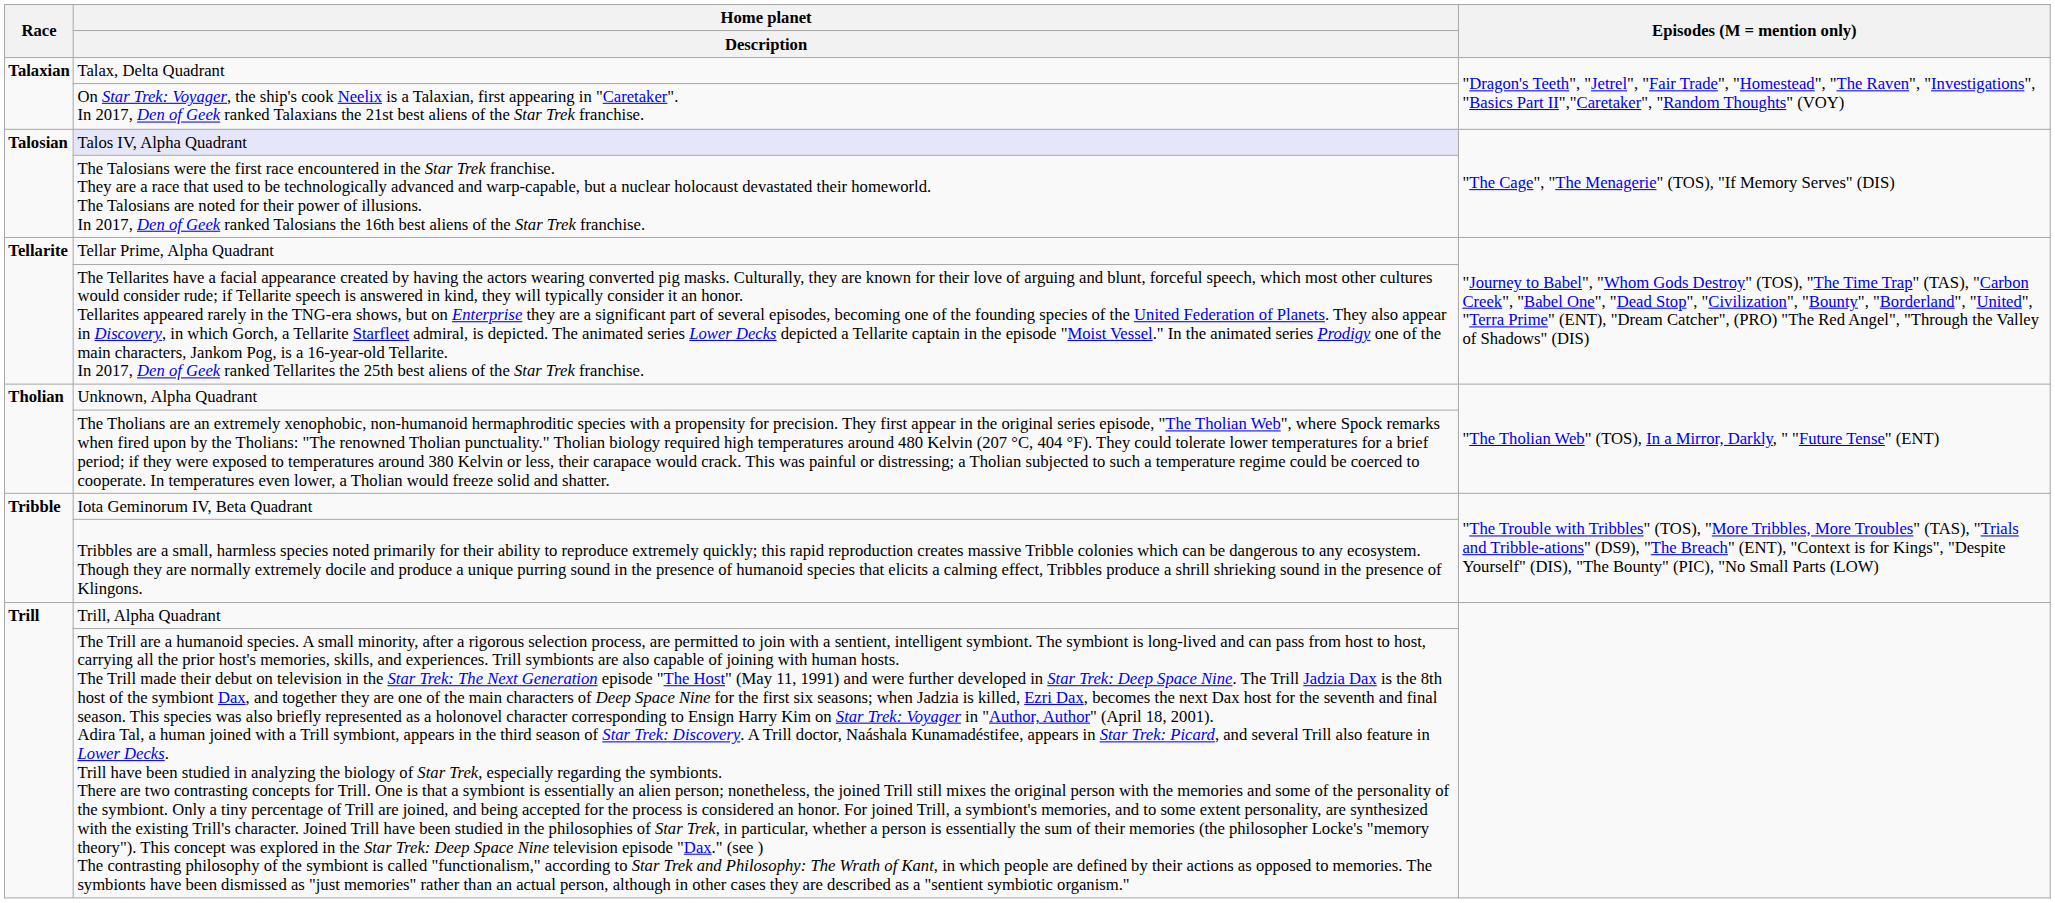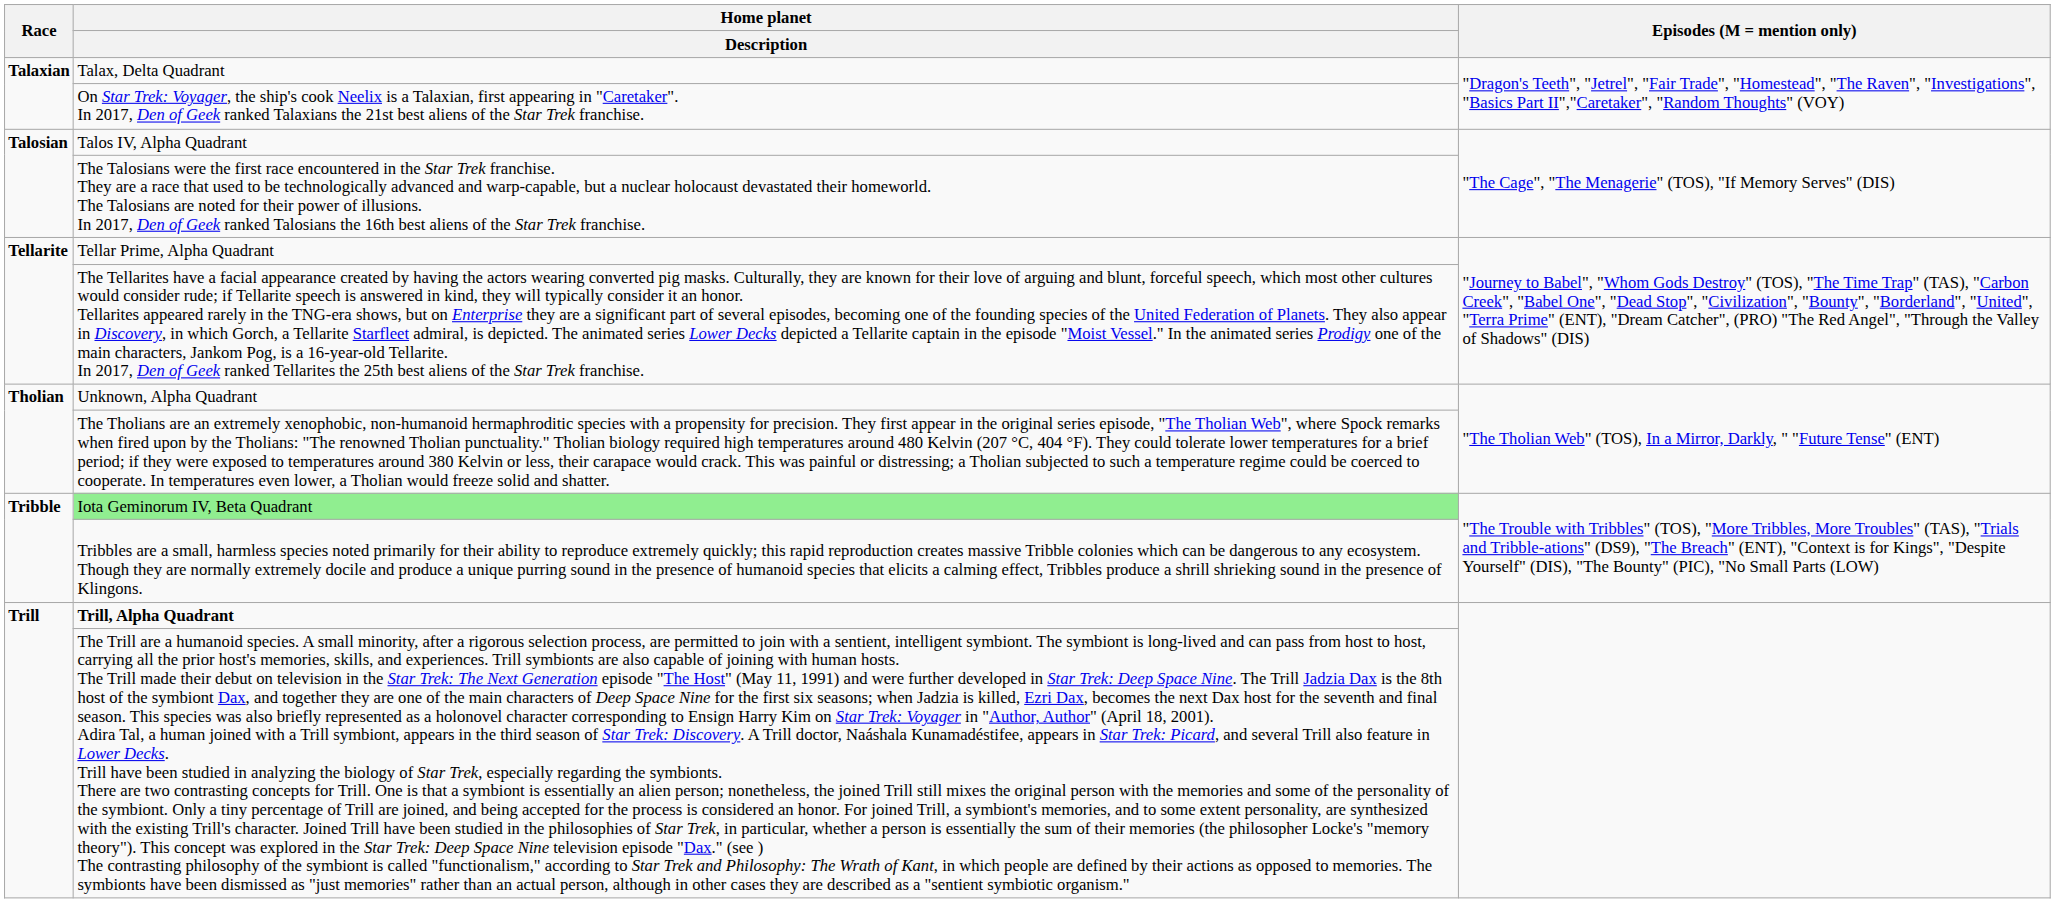 <table class="wikitable">
 <tr>
 <th rowspan="2">Race</th>
 <th>Home planet</th>
 <th rowspan="2">Episodes (M = mention only)</th>
 </tr>
 <tr>
 <th>Description</th>
 </tr>
 <tr>
 <td rowspan="2" style="vertical-align: top;"><strong>Talaxian</strong> </td>
 <td>Talax, Delta Quadrant</td>
 <td rowspan="2">"<a href='#'>Dragon's Teeth</a>", "<a href='#'>Jetrel</a>", "<a href='#'>Fair Trade</a>", "<a href='#'>Homestead</a>", "<a href='#'>The Raven</a>", "<a href='#'>Investigations</a>", "<a href='#'>Basics Part II</a>","<a href='#'>Caretaker</a>", "<a href='#'>Random Thoughts</a>" (VOY)</td>
 </tr>
 <tr>
 <td>On <em><a href='#'>Star Trek: Voyager</a></em>, the ship's cook <a href='#'>Neelix</a> is a Talaxian, first appearing in "<a href='#'>Caretaker</a>".<br>In 2017, <em><a href='#'>Den of Geek</a></em> ranked Talaxians the 21st best aliens of the <em>Star Trek</em> franchise.</td>
 </tr>
 <tr>
 <td rowspan="2" style="vertical-align: top;"><strong>Talosian</strong> </td>
-<td style="background: lavender;">Talos IV, Alpha Quadrant</td>
+<td>Talos IV, Alpha Quadrant</td>
 <td rowspan="2">"<a href='#'>The Cage</a>", "<a href='#'>The Menagerie</a>" (TOS), "If Memory Serves" (DIS)</td>
 </tr>
 <tr>
 <td>The Talosians were the first race encountered in the <em>Star Trek</em> franchise.<br>They are a race that used to be technologically advanced and warp-capable, but a nuclear holocaust devastated their homeworld.<br>The Talosians are noted for their power of illusions.<br>In 2017, <em><a href='#'>Den of Geek</a></em> ranked Talosians the 16th best aliens of the <em>Star Trek</em> franchise.</td>
 </tr>
 <tr>
 <td rowspan="2" style="vertical-align: top;"><strong>Tellarite</strong> </td>
 <td>Tellar Prime, Alpha Quadrant</td>
 <td rowspan="2">"<a href='#'>Journey to Babel</a>", "<a href='#'>Whom Gods Destroy</a>" (TOS), "<a href='#'>The Time Trap</a>" (TAS), "<a href='#'>Carbon Creek</a>", "<a href='#'>Babel One</a>", "<a href='#'>Dead Stop</a>", "<a href='#'>Civilization</a>", "<a href='#'>Bounty</a>", "<a href='#'>Borderland</a>", "<a href='#'>United</a>", "<a href='#'>Terra Prime</a>" (ENT), "Dream Catcher", (PRO) "The Red Angel", "Through the Valley of Shadows" (DIS)</td>
 </tr>
 <tr>
 <td>The Tellarites have a facial appearance created by having the actors wearing converted pig masks. Culturally, they are known for their love of arguing and blunt, forceful speech, which most other cultures would consider rude; if Tellarite speech is answered in kind, they will typically consider it an honor.<br>Tellarites appeared rarely in the TNG-era shows, but on <em><a href='#'>Enterprise</a></em> they are a significant part of several episodes, becoming one of the founding species of the <a href='#'>United Federation of Planets</a>. They also appear in <a href='#'><em>Discovery</em></a>, in which Gorch, a Tellarite <a href='#'>Starfleet</a> admiral, is depicted. The animated series <em><a href='#'>Lower Decks</a></em> depicted a Tellarite captain in the episode "<a href='#'>Moist Vessel</a>." In the animated series <a href='#'><em> Prodigy</em></a> one of the main characters, Jankom Pog, is a 16-year-old Tellarite.<br>In 2017, <em><a href='#'>Den of Geek</a></em> ranked Tellarites the 25th best aliens of the <em>Star Trek</em> franchise.</td>
 </tr>
 <tr>
 <td rowspan="2" style="vertical-align: top;"><strong>Tholian</strong> </td>
 <td>Unknown, Alpha Quadrant</td>
 <td rowspan="2">"<a href='#'>The Tholian Web</a>" (TOS), <a href='#'>In a Mirror, Darkly</a>, " "<a href='#'>Future Tense</a>" (ENT)</td>
 </tr>
 <tr>
 <td>The Tholians are an extremely xenophobic, non-humanoid hermaphroditic species with a propensity for precision. They first appear in the original series episode, "<a href='#'>The Tholian Web</a>", where Spock remarks when fired upon by the Tholians: "The renowned Tholian punctuality."  Tholian biology required high temperatures around 480 Kelvin (207 °C, 404 °F). They could tolerate lower temperatures for a brief period; if they were exposed to temperatures around 380 Kelvin or less, their carapace would crack. This was painful or distressing; a Tholian subjected to such a temperature regime could be coerced to cooperate. In temperatures even lower, a Tholian would freeze solid and shatter.</td>
 </tr>
 <tr>
 <td rowspan="2" style="vertical-align: top;"><strong>Tribble</strong> </td>
-<td>Iota Geminorum IV, Beta Quadrant</td>
+<td style="background: lightgreen;">Iota Geminorum IV, Beta Quadrant</td>
 <td rowspan="2">"<a href='#'>The Trouble with Tribbles</a>" (TOS), "<a href='#'>More Tribbles, More Troubles</a>" (TAS), "<a href='#'>Trials and Tribble-ations</a>" (DS9), "<a href='#'>The Breach</a>" (ENT), "Context is for Kings", "Despite Yourself" (DIS), "The Bounty" (PIC), "No Small Parts (LOW)</td>
 </tr>
 <tr>
 <td><br>Tribbles are a small, harmless species noted primarily for their ability to reproduce extremely quickly; this rapid reproduction creates massive Tribble colonies which can be dangerous to any ecosystem. Though they are normally extremely docile and produce a unique purring sound in the presence of humanoid species that elicits a calming effect, Tribbles produce a shrill shrieking sound in the presence of Klingons.</td>
 </tr>
 <tr>
 <td rowspan="2" style="vertical-align: top;"><strong>Trill</strong></td>
-<td>Trill, Alpha Quadrant</td>
+<td><strong>Trill, Alpha Quadrant</strong></td>
 <td rowspan="2"></td>
 </tr>
 <tr>
 <td>The Trill are a humanoid species. A small minority, after a rigorous selection process, are permitted to join with a sentient, intelligent symbiont. The symbiont is long-lived and can pass from host to host, carrying all the prior host's memories, skills, and experiences. Trill symbionts are also capable of joining with human hosts.<br>The Trill made their debut on television in the <em><a href='#'>Star Trek: The Next Generation</a></em> episode "<a href='#'>The Host</a>" (May 11, 1991) and were further developed in <em><a href='#'>Star Trek: Deep Space Nine</a></em>. The Trill <a href='#'>Jadzia Dax</a> is the 8th host of the symbiont <a href='#'>Dax</a>, and together they are one of the main characters of <em>Deep Space Nine</em> for the first six seasons; when Jadzia is killed, <a href='#'>Ezri Dax</a>, becomes the next Dax host for the seventh and final season. This species was also briefly represented as a holonovel character corresponding to Ensign Harry Kim on <em><a href='#'>Star Trek: Voyager</a></em> in "<a href='#'>Author, Author</a>" (April 18, 2001).<br>Adira Tal, a human joined with a Trill symbiont, appears in the third season of <em><a href='#'>Star Trek: Discovery</a></em>. A Trill doctor, Naáshala Kunamadéstifee, appears in <em><a href='#'>Star Trek: Picard</a></em>, and several Trill also feature in <em><a href='#'>Lower Decks</a></em>.<br>Trill have been studied in analyzing the biology of <em>Star Trek</em>, especially regarding the symbionts.<br>There are two contrasting concepts for Trill. One is that a symbiont is essentially an alien person; nonetheless, the joined Trill still mixes the original person with the memories and some of the personality of the symbiont. Only a tiny percentage of Trill are joined, and being accepted for the process is considered an honor. For joined Trill, a symbiont's memories, and to some extent personality, are synthesized with the existing Trill's character. Joined Trill have been studied in the philosophies of <em>Star Trek</em>, in particular, whether a person is essentially the sum of their memories (the philosopher Locke's "memory theory"). This concept was explored in the <em>Star Trek: Deep Space Nine</em> television episode "<a href='#'>Dax</a>." (see )<br>The contrasting philosophy of the symbiont is called "functionalism," according to <em>Star Trek and Philosophy: The Wrath of Kant</em>, in which people are defined by their actions as opposed to memories. The symbionts have been dismissed as "just memories" rather than an actual person, although in other cases they are described as a "sentient symbiotic organism."</td>
 </tr>
 </table>
